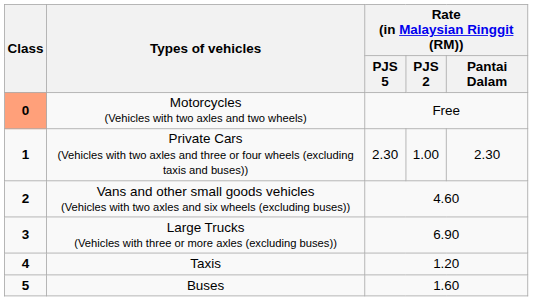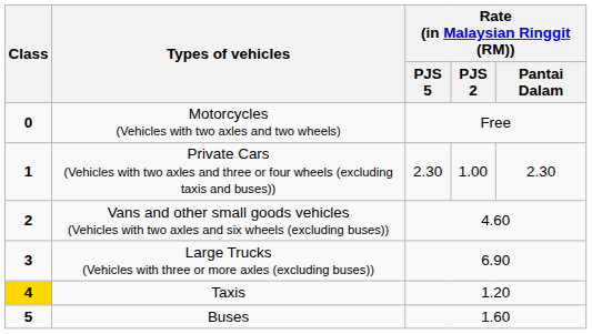 <table class=wikitable style="margin:0 auto;text-align:center">
 <tr>
 <th rowspan=2>Class</th>
 <th rowspan=2>Types of vehicles</th>
 <th colspan=3>Rate<br>(in <a href='#'>Malaysian Ringgit</a> (RM))</th>
 </tr>
 <tr>
 <th>PJS 5</th>
 <th>PJS 2</th>
 <th>Pantai Dalam</th>
 </tr>
 <tr>
-<td style="background: lightsalmon;"><strong>0</strong></td>
+<td><strong>0</strong></td>
 <td>Motorcycles<br><small>(Vehicles with two axles and two wheels)</small></td>
 <td colspan=3>Free</td>
 </tr>
 <tr>
 <td><strong>1</strong></td>
 <td>Private Cars<br><small>(Vehicles with two axles and three or four wheels (excluding taxis and buses))</small></td>
 <td>2.30</td>
 <td>1.00</td>
 <td>2.30</td>
 </tr>
 <tr>
 <td><strong>2</strong></td>
 <td>Vans and other small goods vehicles<br><small>(Vehicles with two axles and six wheels (excluding buses))</small></td>
 <td colspan=3>4.60</td>
 </tr>
 <tr>
 <td><strong>3</strong></td>
 <td>Large Trucks<br><small>(Vehicles with three or more axles (excluding buses))</small></td>
 <td colspan=3>6.90</td>
 </tr>
 <tr>
-<td><strong>4</strong></td>
+<td style="background: gold;"><strong>4</strong></td>
 <td>Taxis</td>
 <td colspan=3>1.20</td>
 </tr>
 <tr>
 <td><strong>5</strong></td>
 <td>Buses</td>
 <td colspan=3>1.60</td>
 </tr>
 </table>
